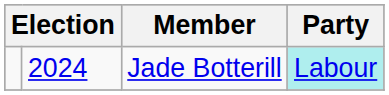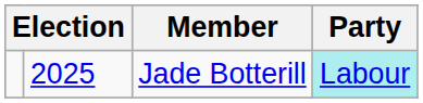 <table class="wikitable">
 <tr>
 <th colspan="2">Election</th>
 <th>Member</th>
 <th>Party</th>
 </tr>
 <tr>
 <td style="color:inherit;background-color: "></td>
-<td><a href='#'>2024</a></td>
+<td><a href='#'>2025</a></td>
 <td><a href='#'>Jade Botterill</a></td>
 <td style="background: paleturquoise;"><a href='#'>Labour</a></td>
 </tr>
 </table>
